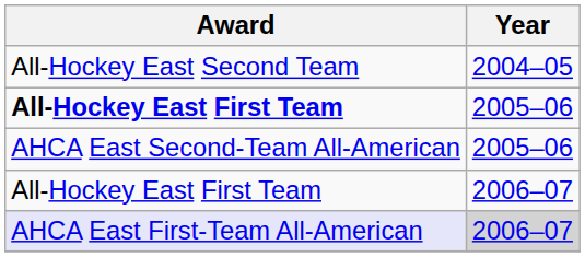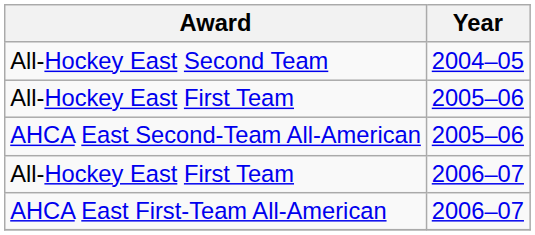 <table class="wikitable">
 <tr>
 <th>Award</th>
 <th>Year</th>
 </tr>
 <tr>
 <td>All-<a href='#'>Hockey East</a> <a href='#'>Second Team</a></td>
 <td><a href='#'>2004–05</a></td>
 </tr>
 <tr>
-<td><strong>All-<a href='#'>Hockey East</a> <a href='#'>First Team</a></strong></td>
+<td>All-<a href='#'>Hockey East</a> <a href='#'>First Team</a></td>
 <td><a href='#'>2005–06</a></td>
 </tr>
 <tr>
 <td><a href='#'>AHCA</a> <a href='#'>East Second-Team All-American</a></td>
 <td><a href='#'>2005–06</a></td>
 </tr>
 <tr>
 <td>All-<a href='#'>Hockey East</a> <a href='#'>First Team</a></td>
 <td><a href='#'>2006–07</a></td>
 </tr>
 <tr>
-<td style="background: lavender;"><a href='#'>AHCA</a> <a href='#'>East First-Team All-American</a></td>
-<td style="background: lightgrey;"><a href='#'>2006–07</a></td>
+<td><a href='#'>AHCA</a> <a href='#'>East First-Team All-American</a></td>
+<td><a href='#'>2006–07</a></td>
 </tr>
 <tr>
 </tr>
 </table>
